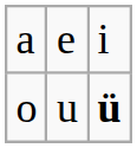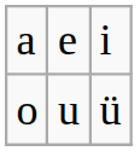 <table class="wikitable">
 <tr>
 <td>a</td>
 <td>e</td>
 <td>i</td>
 </tr>
 <tr>
 <td>o</td>
 <td>u</td>
-<td><strong>ü</strong></td>
+<td>ü</td>
 </tr>
 <tr>
 </tr>
 </table>
